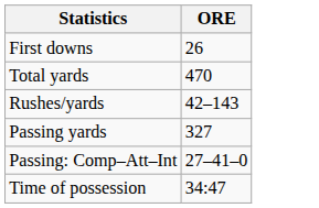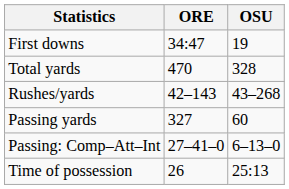 <table class="wikitable" style="float: left;">
 <tr>
 <th>Statistics</th>
 <th>ORE</th>
+<th>OSU</th>
 </tr>
 <tr>
 <td>First downs</td>
-<td>26</td>
+<td>34:47</td>
+<td>19</td>
 </tr>
 <tr>
 <td>Total yards</td>
 <td>470</td>
+<td>328</td>
 </tr>
 <tr>
 <td>Rushes/yards</td>
 <td>42–143</td>
+<td>43–268</td>
 </tr>
 <tr>
 <td>Passing yards</td>
 <td>327</td>
+<td>60</td>
 </tr>
 <tr>
 <td>Passing: Comp–Att–Int</td>
 <td>27–41–0</td>
+<td>6–13–0</td>
 </tr>
 <tr>
 <td>Time of possession</td>
-<td>34:47</td>
+<td>26</td>
+<td>25:13</td>
 </tr>
 </table>
